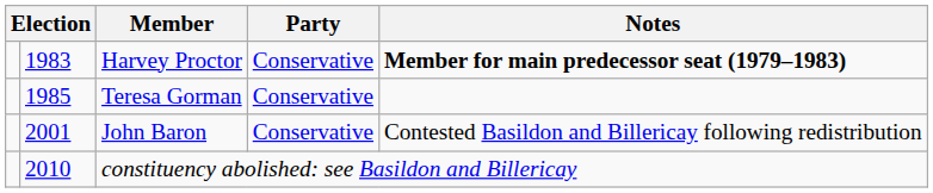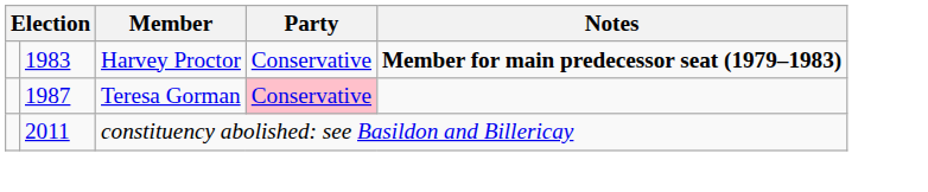 <table class="wikitable">
 <tr>
 <th colspan="2">Election</th>
 <th>Member</th>
 <th>Party</th>
 <th>Notes</th>
 </tr>
 <tr>
 <td style="color:inherit;background-color: "></td>
 <td><a href='#'>1983</a></td>
 <td><a href='#'>Harvey Proctor</a></td>
 <td><a href='#'>Conservative</a></td>
 <td><strong>Member for main predecessor seat (1979–1983)</strong></td>
 </tr>
 <tr>
 <td style="color:inherit;background-color: "></td>
-<td><a href='#'>1985</a></td>
+<td><a href='#'>1987</a></td>
 <td><a href='#'>Teresa Gorman</a></td>
-<td><a href='#'>Conservative</a></td>
+<td style="background: pink;"><a href='#'>Conservative</a></td>
 <td></td>
 </tr>
 <tr>
-<td style="color:inherit;background-color: "></td>
-<td><a href='#'>2001</a></td>
-<td><a href='#'>John Baron</a></td>
-<td><a href='#'>Conservative</a></td>
-<td>Contested <a href='#'>Basildon and Billericay</a> following redistribution</td>
-</tr>
-<tr>
 <td></td>
-<td><a href='#'>2010</a></td>
+<td><a href='#'>2011</a></td>
 <td colspan="3"><em>constituency abolished: see <a href='#'>Basildon and Billericay</a></em></td>
 </tr>
 </table>
